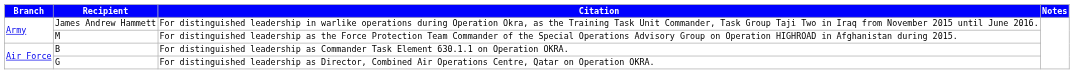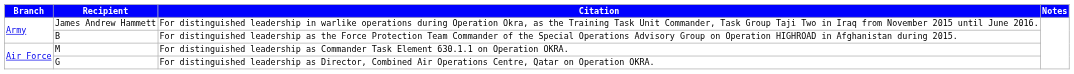 <table border="2" cellpadding="2" cellspacing="0" style="margin: 1em 1em 1em 0; border: 1px #aaa solid; font-size:95%; border-collapse: collapse;">
 <tr style="background: blue; color: white">
 <th>Branch</th>
 <th>Recipient</th>
 <th>Citation</th>
 <th>Notes</th>
 </tr>
 <tr>
 <td rowspan=2><a href='#'>Army</a></td>
 <td>  James Andrew Hammett</td>
 <td>For distinguished leadership in warlike operations during Operation Okra, as the Training Task Unit Commander, Task Group Taji Two in Iraq from November 2015 until June 2016.</td>
 <td rowspan=4></td>
 </tr>
 <tr>
-<td> M</td>
+<td> B</td>
 <td>For distinguished leadership as the Force Protection Team Commander of the Special Operations Advisory Group on Operation HIGHROAD in Afghanistan during 2015.</td>
 </tr>
 <tr>
 <td rowspan=2><a href='#'>Air Force</a></td>
-<td> B</td>
+<td> M</td>
 <td>For distinguished leadership as Commander Task Element 630.1.1 on Operation OKRA.</td>
 </tr>
 <tr>
 <td> G</td>
 <td>For distinguished leadership as Director, Combined Air Operations Centre, Qatar on Operation OKRA.</td>
 </tr>
 </table>
